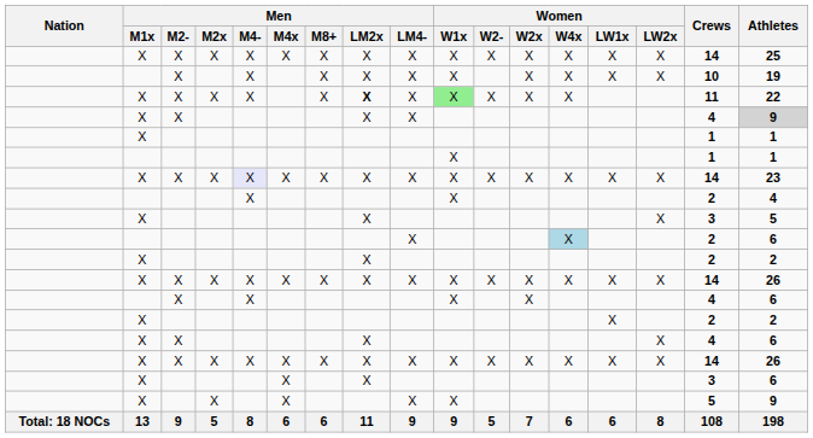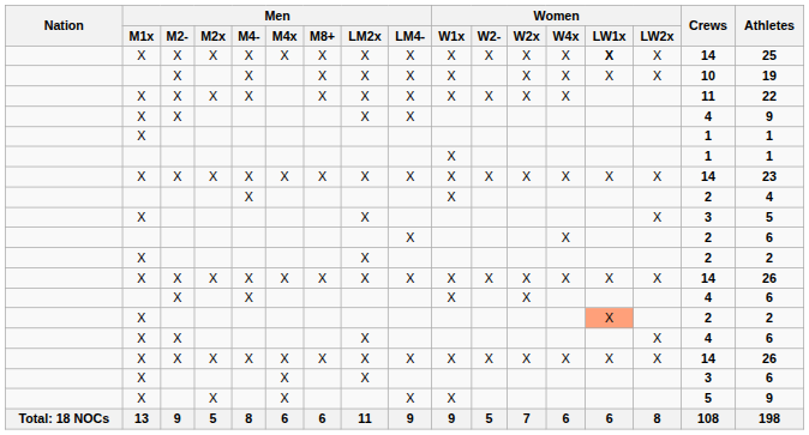 <table class="wikitable" width=900 style="text-align:center; font-size:90%">
 <tr>
 <th rowspan="2" align="left">Nation</th>
 <th colspan="8">Men</th>
 <th colspan="6">Women</th>
 <th rowspan="2">Crews</th>
 <th rowspan=2>Athletes</th>
 </tr>
 <tr>
 <th>M1x</th>
 <th>M2-</th>
 <th>M2x</th>
 <th>M4-</th>
 <th>M4x</th>
 <th>M8+</th>
 <th>LM2x</th>
 <th>LM4-</th>
 <th>W1x</th>
 <th>W2-</th>
 <th>W2x</th>
 <th>W4x</th>
 <th>LW1x</th>
 <th>LW2x</th>
 </tr>
 <tr>
 <td align=left></td>
 <td>X</td>
 <td>X</td>
 <td>X</td>
 <td>X</td>
 <td>X</td>
 <td>X</td>
 <td>X</td>
 <td>X</td>
 <td>X</td>
 <td>X</td>
 <td>X</td>
 <td>X</td>
-<td>X</td>
+<td><strong>X</strong></td>
 <td>X</td>
 <td><strong>14</strong></td>
 <td><strong>25</strong></td>
 </tr>
 <tr>
 <td align=left></td>
 <td></td>
 <td>X</td>
 <td></td>
 <td>X</td>
 <td></td>
 <td>X</td>
 <td>X</td>
 <td>X</td>
 <td>X</td>
 <td></td>
 <td>X</td>
 <td>X</td>
 <td>X</td>
 <td>X</td>
 <td><strong>10</strong></td>
 <td><strong>19</strong></td>
 </tr>
 <tr>
 <td align=left></td>
 <td>X</td>
 <td>X</td>
 <td>X</td>
 <td>X</td>
 <td></td>
 <td>X</td>
-<td><strong>X</strong></td>
 <td>X</td>
-<td style="background: lightgreen;">X</td>
+<td>X</td>
+<td>X</td>
 <td>X</td>
 <td>X</td>
 <td>X</td>
 <td></td>
 <td></td>
 <td><strong>11</strong></td>
 <td><strong>22</strong></td>
 </tr>
 <tr>
 <td align=left></td>
 <td>X</td>
 <td>X</td>
 <td></td>
 <td></td>
 <td></td>
 <td></td>
 <td>X</td>
 <td>X</td>
 <td></td>
 <td></td>
 <td></td>
 <td></td>
 <td></td>
 <td></td>
 <td><strong>4</strong></td>
-<td style="background: lightgrey;"><strong>9</strong></td>
+<td><strong>9</strong></td>
 </tr>
 <tr>
 <td align=left></td>
 <td>X</td>
 <td></td>
 <td></td>
 <td></td>
 <td></td>
 <td></td>
 <td></td>
 <td></td>
 <td></td>
 <td></td>
 <td></td>
 <td></td>
 <td></td>
 <td></td>
 <td><strong>1</strong></td>
 <td><strong>1</strong></td>
 </tr>
 <tr>
 <td align=left></td>
 <td></td>
 <td></td>
 <td></td>
 <td></td>
 <td></td>
 <td></td>
 <td></td>
 <td></td>
 <td>X</td>
 <td></td>
 <td></td>
 <td></td>
 <td></td>
 <td></td>
 <td><strong>1</strong></td>
 <td><strong>1</strong></td>
 </tr>
 <tr>
 <td align=left></td>
 <td>X</td>
 <td>X</td>
 <td>X</td>
-<td style="background: lavender;">X</td>
+<td>X</td>
 <td>X</td>
 <td>X</td>
 <td>X</td>
 <td>X</td>
 <td>X</td>
 <td>X</td>
 <td>X</td>
 <td>X</td>
 <td>X</td>
 <td>X</td>
 <td><strong>14</strong></td>
 <td><strong>23</strong></td>
 </tr>
 <tr>
 <td align=left></td>
 <td></td>
 <td></td>
 <td></td>
 <td>X</td>
 <td></td>
 <td></td>
 <td></td>
 <td></td>
 <td>X</td>
 <td></td>
 <td></td>
 <td></td>
 <td></td>
 <td></td>
 <td><strong>2</strong></td>
 <td><strong>4</strong></td>
 </tr>
 <tr>
 <td align=left></td>
 <td>X</td>
 <td></td>
 <td></td>
 <td></td>
 <td></td>
 <td></td>
 <td>X</td>
 <td></td>
 <td></td>
 <td></td>
 <td></td>
 <td></td>
 <td></td>
 <td>X</td>
 <td><strong>3</strong></td>
 <td><strong>5</strong></td>
 </tr>
 <tr>
 <td align=left></td>
 <td></td>
 <td></td>
 <td></td>
 <td></td>
 <td></td>
 <td></td>
 <td></td>
 <td>X</td>
 <td></td>
 <td></td>
 <td></td>
-<td style="background: lightblue;">X</td>
+<td>X</td>
 <td></td>
 <td></td>
 <td><strong>2</strong></td>
 <td><strong>6</strong></td>
 </tr>
 <tr>
 <td align=left></td>
 <td>X</td>
 <td></td>
 <td></td>
 <td></td>
 <td></td>
 <td></td>
 <td>X</td>
 <td></td>
 <td></td>
 <td></td>
 <td></td>
 <td></td>
 <td></td>
 <td></td>
 <td><strong>2</strong></td>
 <td><strong>2</strong></td>
 </tr>
 <tr>
 <td align=left></td>
 <td>X</td>
 <td>X</td>
 <td>X</td>
 <td>X</td>
 <td>X</td>
 <td>X</td>
 <td>X</td>
 <td>X</td>
 <td>X</td>
 <td>X</td>
 <td>X</td>
 <td>X</td>
 <td>X</td>
 <td>X</td>
 <td><strong>14</strong></td>
 <td><strong>26</strong></td>
 </tr>
 <tr>
 <td align=left></td>
 <td></td>
 <td>X</td>
 <td></td>
 <td>X</td>
 <td></td>
 <td></td>
 <td></td>
 <td></td>
 <td>X</td>
 <td></td>
 <td>X</td>
 <td></td>
 <td></td>
 <td></td>
 <td><strong>4</strong></td>
 <td><strong>6</strong></td>
 </tr>
 <tr>
 <td align=left></td>
 <td>X</td>
 <td></td>
 <td></td>
 <td></td>
 <td></td>
 <td></td>
 <td></td>
 <td></td>
 <td></td>
 <td></td>
 <td></td>
 <td></td>
-<td>X</td>
+<td style="background: lightsalmon;">X</td>
 <td></td>
 <td><strong>2</strong></td>
 <td><strong>2</strong></td>
 </tr>
 <tr>
 <td align=left></td>
 <td>X</td>
 <td>X</td>
 <td></td>
 <td></td>
 <td></td>
 <td></td>
 <td>X</td>
 <td></td>
 <td></td>
 <td></td>
 <td></td>
 <td></td>
 <td></td>
 <td>X</td>
 <td><strong>4</strong></td>
 <td><strong>6</strong></td>
 </tr>
 <tr>
 <td align=left></td>
 <td>X</td>
 <td>X</td>
 <td>X</td>
 <td>X</td>
 <td>X</td>
 <td>X</td>
 <td>X</td>
 <td>X</td>
 <td>X</td>
 <td>X</td>
 <td>X</td>
 <td>X</td>
 <td>X</td>
 <td>X</td>
 <td><strong>14</strong></td>
 <td><strong>26</strong></td>
 </tr>
 <tr>
 <td align=left></td>
 <td>X</td>
 <td></td>
 <td></td>
 <td></td>
 <td>X</td>
 <td></td>
 <td>X</td>
 <td></td>
 <td></td>
 <td></td>
 <td></td>
 <td></td>
 <td></td>
 <td></td>
 <td><strong>3</strong></td>
 <td><strong>6</strong></td>
 </tr>
 <tr>
 <td align=left></td>
 <td>X</td>
 <td></td>
 <td>X</td>
 <td></td>
 <td>X</td>
 <td></td>
 <td></td>
 <td>X</td>
 <td>X</td>
 <td></td>
 <td></td>
 <td></td>
 <td></td>
 <td></td>
 <td><strong>5</strong></td>
 <td><strong>9</strong></td>
 </tr>
 <tr>
 <th>Total: 18 NOCs</th>
 <th>13</th>
 <th>9</th>
 <th>5</th>
 <th>8</th>
 <th>6</th>
 <th>6</th>
 <th>11</th>
 <th>9</th>
 <th>9</th>
 <th>5</th>
 <th>7</th>
 <th>6</th>
 <th>6</th>
 <th>8</th>
 <th>108</th>
 <th>198</th>
 </tr>
 </table>
